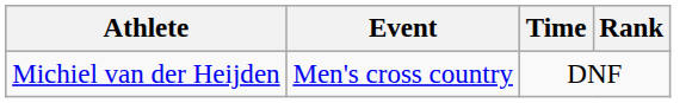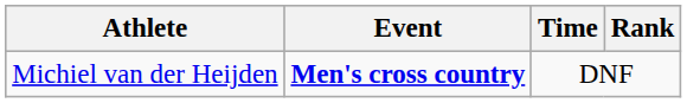 <table class="wikitable" style="font-size:90%">
 <tr>
 <th>Athlete</th>
 <th>Event</th>
 <th>Time</th>
 <th>Rank</th>
 </tr>
 <tr align=center>
 <td align=left><a href='#'>Michiel van der Heijden</a></td>
-<td align=left><a href='#'>Men's cross country</a></td>
+<td align=left><strong><a href='#'>Men's cross country</a></strong></td>
 <td colspan=2>DNF</td>
 </tr>
 </table>
